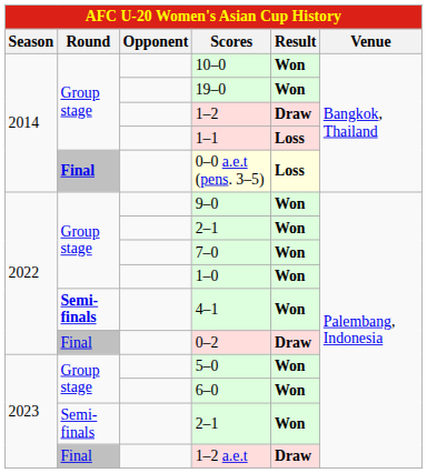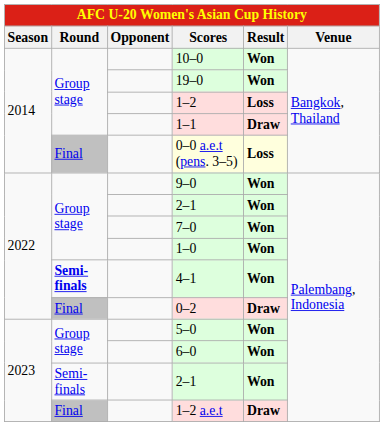 <table class="wikitable collapsible collapsed" style="text-align:center, font-size:90% ; width:70%;">
 <tr>
 <th colspan="6" style="background:#DB2017; color:#FFFF00">AFC U-20 Women's Asian Cup History</th>
 </tr>
 <tr>
 <th>Season</th>
 <th>Round</th>
 <th>Opponent</th>
 <th>Scores</th>
 <th>Result</th>
 <th>Venue</th>
 </tr>
 <tr>
 <td rowspan="5">2014</td>
 <td rowspan="4"><a href='#'>Group stage</a></td>
 <td style="text-align:left"></td>
 <td style="background:#dfd">10–0</td>
 <td style="background:#dfd"><strong>Won</strong></td>
 <td rowspan="5"> <a href='#'>Bangkok</a>, <a href='#'>Thailand</a></td>
 </tr>
 <tr>
 <td style="text-align:left"></td>
 <td style="background:#dfd">19–0</td>
 <td style="background:#dfd"><strong>Won</strong></td>
 </tr>
 <tr>
 <td style="text-align:left"></td>
 <td style="background:#fdd">1–2</td>
-<td style="background:#fdd"><strong>Draw</strong></td>
+<td style="background:#fdd"><strong>Loss</strong></td>
 </tr>
 <tr>
 <td style="text-align:left"></td>
 <td style="background:#fdd">1–1</td>
-<td style="background:#fdd"><strong>Loss</strong></td>
+<td style="background:#fdd"><strong>Draw</strong></td>
 </tr>
 <tr>
-<td rowspan="1" bgcolor=silver><strong><a href='#'>Final</a></strong></td>
+<td rowspan="1" bgcolor=silver><a href='#'>Final</a></td>
 <td style="text-align:left"></td>
 <td style="background:#ffd">0–0 <a href='#'>a.e.t</a> (<a href='#'>pens</a>. 3–5)</td>
 <td style="background:#ffd"><strong>Loss</strong></td>
 </tr>
 <tr>
 <td rowspan="6">2022</td>
 <td rowspan="4"><a href='#'>Group stage</a></td>
 <td style="text-align:left"></td>
 <td style="background:#dfd">9–0</td>
 <td style="background:#dfd"><strong>Won</strong></td>
 <td rowspan="11"> <a href='#'>Palembang</a>, <a href='#'>Indonesia</a></td>
 </tr>
 <tr>
 <td style="text-align:left"></td>
 <td style="background:#dfd">2–1</td>
 <td style="background:#dfd"><strong>Won</strong></td>
 </tr>
 <tr>
 <td style="text-align:left"></td>
 <td style="background:#dfd">7–0</td>
 <td style="background:#dfd"><strong>Won</strong></td>
 </tr>
 <tr>
 <td style="text-align:left"></td>
 <td style="background:#dfd">1–0</td>
 <td style="background:#dfd"><strong>Won</strong></td>
 </tr>
 <tr>
 <td rowspan="1"><strong><a href='#'>Semi-finals</a></strong></td>
 <td style="text-align:left"></td>
 <td style="background:#dfd">4–1</td>
 <td style="background:#dfd"><strong>Won</strong></td>
 </tr>
 <tr>
 <td rowspan="1" bgcolor=silver><a href='#'>Final</a></td>
 <td style="text-align:left"></td>
 <td style="background:#fdd">0–2</td>
 <td style="background:#fdd"><strong>Draw</strong></td>
 </tr>
 <tr>
 <td rowspan="4">2023</td>
 <td rowspan="2"><a href='#'>Group stage</a></td>
 <td style="text-align:left"></td>
 <td style="background:#dfd">5–0</td>
 <td style="background:#dfd"><strong>Won</strong></td>
 </tr>
 <tr>
 <td style="text-align:left"></td>
 <td style="background:#dfd">6–0</td>
 <td style="background:#dfd"><strong>Won</strong></td>
 </tr>
 <tr>
 <td rowspan="1"><a href='#'>Semi-finals</a></td>
 <td style="text-align:left"></td>
 <td style="background:#dfd">2–1</td>
 <td style="background:#dfd"><strong>Won</strong></td>
 </tr>
 <tr>
 <td rowspan="1" bgcolor=silver><a href='#'>Final</a></td>
 <td style="text-align:left"></td>
 <td style="background:#fdd">1–2 <a href='#'>a.e.t</a></td>
 <td style="background:#fdd"><strong>Draw</strong></td>
 </tr>
 </table>
